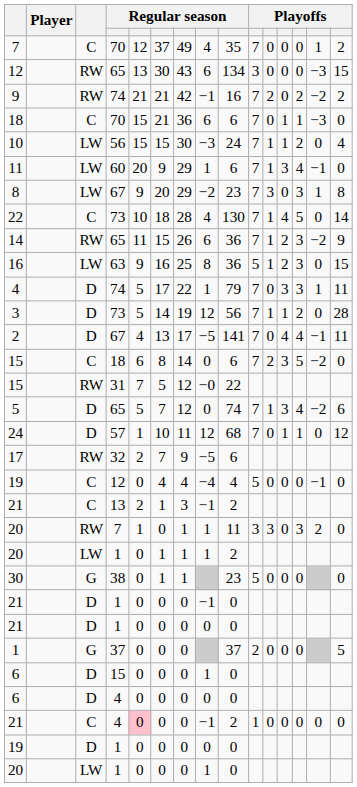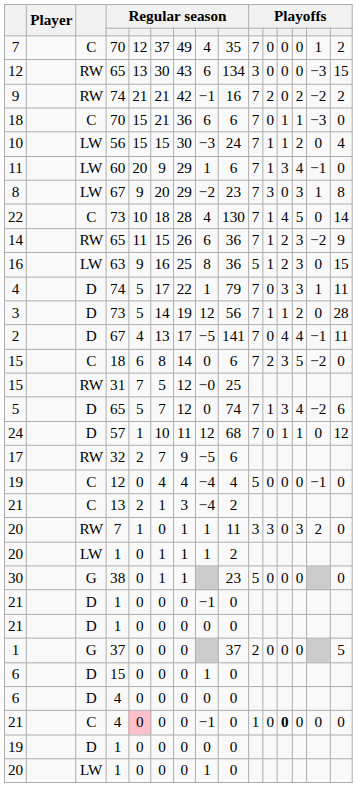 <table class="wikitable sortable plainrowheaders" style="text-align:center;">
 <tr>
 <th scope="col" data-sort-type="number" rowspan="2"></th>
 <th scope="col" rowspan="2">Player</th>
 <th scope="col" rowspan="2"></th>
 <th scope=colgroup colspan=6>Regular season</th>
 <th scope=colgroup colspan=6>Playoffs</th>
 </tr>
 <tr>
 <th scope="col" data-sort-type="number"></th>
 <th scope="col" data-sort-type="number"></th>
 <th scope="col" data-sort-type="number"></th>
 <th scope="col" data-sort-type="number"></th>
 <th scope="col" data-sort-type="number"></th>
 <th scope="col" data-sort-type="number"></th>
 <th scope="col" data-sort-type="number"></th>
 <th scope="col" data-sort-type="number"></th>
 <th scope="col" data-sort-type="number"></th>
 <th scope="col" data-sort-type="number"></th>
 <th scope="col" data-sort-type="number"></th>
 <th scope="col" data-sort-type="number"></th>
 </tr>
 <tr>
 <td scope="row">7</td>
 <td align="left"></td>
 <td>C</td>
 <td>70</td>
 <td>12</td>
 <td>37</td>
 <td>49</td>
 <td>4</td>
 <td>35</td>
 <td>7</td>
 <td>0</td>
 <td>0</td>
 <td>0</td>
 <td>1</td>
 <td>2</td>
 </tr>
 <tr>
 <td scope="row">12</td>
 <td align="left"></td>
 <td>RW</td>
 <td>65</td>
 <td>13</td>
 <td>30</td>
 <td>43</td>
 <td>6</td>
 <td>134</td>
 <td>3</td>
 <td>0</td>
 <td>0</td>
 <td>0</td>
 <td>−3</td>
 <td>15</td>
 </tr>
 <tr>
 <td scope="row">9</td>
 <td align="left"></td>
 <td>RW</td>
 <td>74</td>
 <td>21</td>
 <td>21</td>
 <td>42</td>
 <td>−1</td>
 <td>16</td>
 <td>7</td>
 <td>2</td>
 <td>0</td>
 <td>2</td>
 <td>−2</td>
 <td>2</td>
 </tr>
 <tr>
 <td scope="row">18</td>
 <td align="left"></td>
 <td>C</td>
 <td>70</td>
 <td>15</td>
 <td>21</td>
 <td>36</td>
 <td>6</td>
 <td>6</td>
 <td>7</td>
 <td>0</td>
 <td>1</td>
 <td>1</td>
 <td>−3</td>
 <td>0</td>
 </tr>
 <tr>
 <td scope="row">10</td>
 <td align="left"></td>
 <td>LW</td>
 <td>56</td>
 <td>15</td>
 <td>15</td>
 <td>30</td>
 <td>−3</td>
 <td>24</td>
 <td>7</td>
 <td>1</td>
 <td>1</td>
 <td>2</td>
 <td>0</td>
 <td>4</td>
 </tr>
 <tr>
 <td scope="row">11</td>
 <td align="left"></td>
 <td>LW</td>
 <td>60</td>
 <td>20</td>
 <td>9</td>
 <td>29</td>
 <td>1</td>
 <td>6</td>
 <td>7</td>
 <td>1</td>
 <td>3</td>
 <td>4</td>
 <td>−1</td>
 <td>0</td>
 </tr>
 <tr>
 <td scope="row">8</td>
 <td align="left"></td>
 <td>LW</td>
 <td>67</td>
 <td>9</td>
 <td>20</td>
 <td>29</td>
 <td>−2</td>
 <td>23</td>
 <td>7</td>
 <td>3</td>
 <td>0</td>
 <td>3</td>
 <td>1</td>
 <td>8</td>
 </tr>
 <tr>
 <td scope="row">22</td>
 <td align="left"></td>
 <td>C</td>
 <td>73</td>
 <td>10</td>
 <td>18</td>
 <td>28</td>
 <td>4</td>
 <td>130</td>
 <td>7</td>
 <td>1</td>
 <td>4</td>
 <td>5</td>
 <td>0</td>
 <td>14</td>
 </tr>
 <tr>
 <td scope="row">14</td>
 <td align="left"></td>
 <td>RW</td>
 <td>65</td>
 <td>11</td>
 <td>15</td>
 <td>26</td>
 <td>6</td>
 <td>36</td>
 <td>7</td>
 <td>1</td>
 <td>2</td>
 <td>3</td>
 <td>−2</td>
 <td>9</td>
 </tr>
 <tr>
 <td scope="row">16</td>
 <td align="left"></td>
 <td>LW</td>
 <td>63</td>
 <td>9</td>
 <td>16</td>
 <td>25</td>
 <td>8</td>
 <td>36</td>
 <td>5</td>
 <td>1</td>
 <td>2</td>
 <td>3</td>
 <td>0</td>
 <td>15</td>
 </tr>
 <tr>
 <td scope="row">4</td>
 <td align="left"></td>
 <td>D</td>
 <td>74</td>
 <td>5</td>
 <td>17</td>
 <td>22</td>
 <td>1</td>
 <td>79</td>
 <td>7</td>
 <td>0</td>
 <td>3</td>
 <td>3</td>
 <td>1</td>
 <td>11</td>
 </tr>
 <tr>
 <td scope="row">3</td>
 <td align="left"></td>
 <td>D</td>
 <td>73</td>
 <td>5</td>
 <td>14</td>
 <td>19</td>
 <td>12</td>
 <td>56</td>
 <td>7</td>
 <td>1</td>
 <td>1</td>
 <td>2</td>
 <td>0</td>
 <td>28</td>
 </tr>
 <tr>
 <td scope="row">2</td>
 <td align="left"></td>
 <td>D</td>
 <td>67</td>
 <td>4</td>
 <td>13</td>
 <td>17</td>
 <td>−5</td>
 <td>141</td>
 <td>7</td>
 <td>0</td>
 <td>4</td>
 <td>4</td>
 <td>−1</td>
 <td>11</td>
 </tr>
 <tr>
 <td scope="row">15</td>
 <td align="left"></td>
 <td>C</td>
 <td>18</td>
 <td>6</td>
 <td>8</td>
 <td>14</td>
 <td>0</td>
 <td>6</td>
 <td>7</td>
 <td>2</td>
 <td>3</td>
 <td>5</td>
 <td>−2</td>
 <td>0</td>
 </tr>
 <tr>
 <td scope="row">15</td>
 <td align="left"></td>
 <td>RW</td>
 <td>31</td>
 <td>7</td>
 <td>5</td>
 <td>12</td>
 <td>−0</td>
-<td>22</td>
+<td>25</td>
 <td></td>
 <td></td>
 <td></td>
 <td></td>
 <td></td>
 <td></td>
 </tr>
 <tr>
 <td scope="row">5</td>
 <td align="left"></td>
 <td>D</td>
 <td>65</td>
 <td>5</td>
 <td>7</td>
 <td>12</td>
 <td>0</td>
 <td>74</td>
 <td>7</td>
 <td>1</td>
 <td>3</td>
 <td>4</td>
 <td>−2</td>
 <td>6</td>
 </tr>
 <tr>
 <td scope="row">24</td>
 <td align="left"></td>
 <td>D</td>
 <td>57</td>
 <td>1</td>
 <td>10</td>
 <td>11</td>
 <td>12</td>
 <td>68</td>
 <td>7</td>
 <td>0</td>
 <td>1</td>
 <td>1</td>
 <td>0</td>
 <td>12</td>
 </tr>
 <tr>
 <td scope="row">17</td>
 <td align="left"></td>
 <td>RW</td>
 <td>32</td>
 <td>2</td>
 <td>7</td>
 <td>9</td>
 <td>−5</td>
 <td>6</td>
 <td></td>
 <td></td>
 <td></td>
 <td></td>
 <td></td>
 <td></td>
 </tr>
 <tr>
 <td scope="row">19</td>
 <td align="left"></td>
 <td>C</td>
 <td>12</td>
 <td>0</td>
 <td>4</td>
 <td>4</td>
 <td>−4</td>
 <td>4</td>
 <td>5</td>
 <td>0</td>
 <td>0</td>
 <td>0</td>
 <td>−1</td>
 <td>0</td>
 </tr>
 <tr>
 <td scope="row">21</td>
 <td align="left"></td>
 <td>C</td>
 <td>13</td>
 <td>2</td>
 <td>1</td>
 <td>3</td>
-<td>−1</td>
+<td>−4</td>
 <td>2</td>
 <td></td>
 <td></td>
 <td></td>
 <td></td>
 <td></td>
 <td></td>
 </tr>
 <tr>
 <td scope="row">20</td>
 <td align="left"></td>
 <td>RW</td>
 <td>7</td>
 <td>1</td>
 <td>0</td>
 <td>1</td>
 <td>1</td>
 <td>11</td>
 <td>3</td>
 <td>3</td>
 <td>0</td>
 <td>3</td>
 <td>2</td>
 <td>0</td>
 </tr>
 <tr>
 <td scope="row">20</td>
 <td align="left"></td>
 <td>LW</td>
 <td>1</td>
 <td>0</td>
 <td>1</td>
 <td>1</td>
 <td>1</td>
 <td>2</td>
 <td></td>
 <td></td>
 <td></td>
 <td></td>
 <td></td>
 <td></td>
 </tr>
 <tr>
 <td scope="row">30</td>
 <td align="left"></td>
 <td>G</td>
 <td>38</td>
 <td>0</td>
 <td>1</td>
 <td>1</td>
 <td style="background:#ccc"></td>
 <td>23</td>
 <td>5</td>
 <td>0</td>
 <td>0</td>
 <td>0</td>
 <td style="background:#ccc"></td>
 <td>0</td>
 </tr>
 <tr>
 <td scope="row">21</td>
 <td align="left"></td>
 <td>D</td>
 <td>1</td>
 <td>0</td>
 <td>0</td>
 <td>0</td>
 <td>−1</td>
 <td>0</td>
 <td></td>
 <td></td>
 <td></td>
 <td></td>
 <td></td>
 <td></td>
 </tr>
 <tr>
 <td scope="row">21</td>
 <td align="left"></td>
 <td>D</td>
 <td>1</td>
 <td>0</td>
 <td>0</td>
 <td>0</td>
 <td>0</td>
 <td>0</td>
 <td></td>
 <td></td>
 <td></td>
 <td></td>
 <td></td>
 <td></td>
 </tr>
 <tr>
 <td scope="row">1</td>
 <td align="left"></td>
 <td>G</td>
 <td>37</td>
 <td>0</td>
 <td>0</td>
 <td>0</td>
 <td style="background:#ccc"></td>
 <td>37</td>
 <td>2</td>
 <td>0</td>
 <td>0</td>
 <td>0</td>
 <td style="background:#ccc"></td>
 <td>5</td>
 </tr>
 <tr>
 <td scope="row">6</td>
 <td align="left"></td>
 <td>D</td>
 <td>15</td>
 <td>0</td>
 <td>0</td>
 <td>0</td>
 <td>1</td>
 <td>0</td>
 <td></td>
 <td></td>
 <td></td>
 <td></td>
 <td></td>
 <td></td>
 </tr>
 <tr>
 <td scope="row">6</td>
 <td align="left"></td>
 <td>D</td>
 <td>4</td>
 <td>0</td>
 <td>0</td>
 <td>0</td>
 <td>0</td>
 <td>0</td>
 <td></td>
 <td></td>
 <td></td>
 <td></td>
 <td></td>
 <td></td>
 </tr>
 <tr>
 <td scope="row">21</td>
 <td align="left"></td>
 <td>C</td>
 <td>4</td>
 <td style="background: pink;">0</td>
 <td>0</td>
 <td>0</td>
 <td>−1</td>
-<td>2</td>
+<td>0</td>
 <td>1</td>
 <td>0</td>
-<td>0</td>
+<td><strong>0</strong></td>
 <td>0</td>
 <td>0</td>
 <td>0</td>
 </tr>
 <tr>
 <td scope="row">19</td>
 <td align="left"></td>
 <td>D</td>
 <td>1</td>
 <td>0</td>
 <td>0</td>
 <td>0</td>
 <td>0</td>
 <td>0</td>
 <td></td>
 <td></td>
 <td></td>
 <td></td>
 <td></td>
 <td></td>
 </tr>
 <tr>
 <td scope="row">20</td>
 <td align="left"></td>
 <td>LW</td>
 <td>1</td>
 <td>0</td>
 <td>0</td>
 <td>0</td>
 <td>1</td>
 <td>0</td>
 <td></td>
 <td></td>
 <td></td>
 <td></td>
 <td></td>
 <td></td>
 </tr>
 </table>
